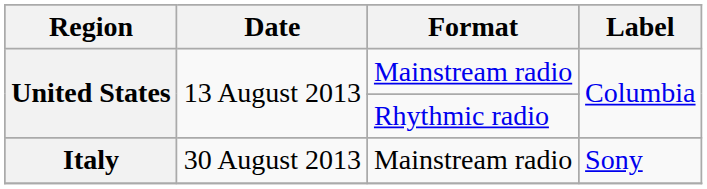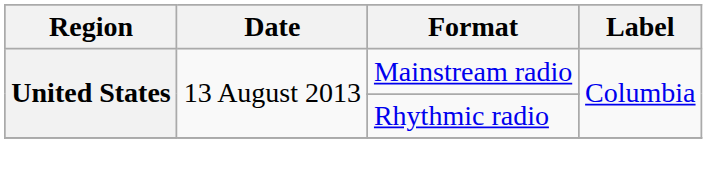 <table class="wikitable plainrowheaders">
 <tr>
 <th scope="col">Region</th>
 <th scope="col">Date</th>
 <th scope="col">Format</th>
 <th scope="col">Label</th>
 </tr>
 <tr>
 <th scope="row" rowspan="2">United States</th>
 <td rowspan="2">13 August 2013</td>
 <td><a href='#'>Mainstream radio</a></td>
 <td rowspan="2"><a href='#'>Columbia</a></td>
 </tr>
 <tr>
 <td><a href='#'>Rhythmic radio</a></td>
 </tr>
 <tr>
-<th scope="row">Italy</th>
-<td>30 August 2013</td>
-<td>Mainstream radio</td>
-<td><a href='#'>Sony</a></td>
-</tr>
-<tr>
 </tr>
 </table>
